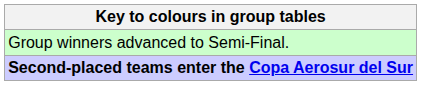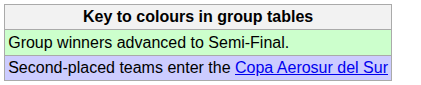 <table class="wikitable">
 <tr>
 <th>Key to colours in group tables</th>
 </tr>
 <tr bgcolor=#ccffcc>
 <td>Group winners advanced to Semi-Final.</td>
 </tr>
 <tr bgcolor=#ccccff>
-<td><strong>Second-placed teams enter the <a href='#'>Copa Aerosur del Sur</a></strong></td>
+<td>Second-placed teams enter the <a href='#'>Copa Aerosur del Sur</a></td>
 </tr>
 </table>
